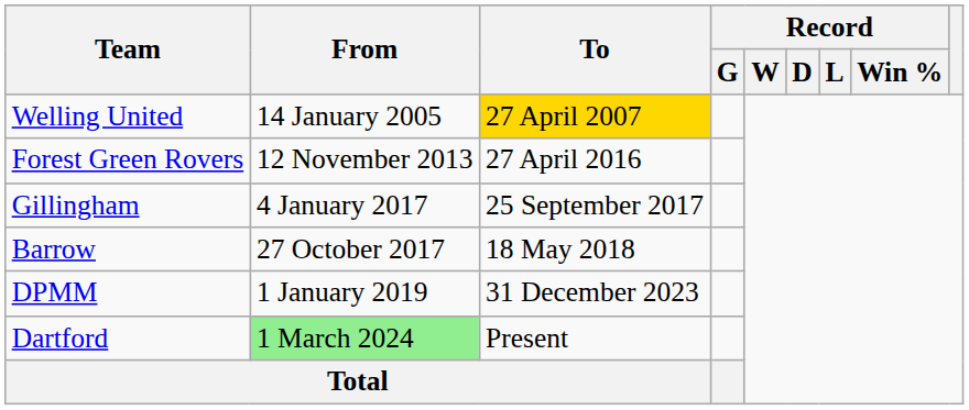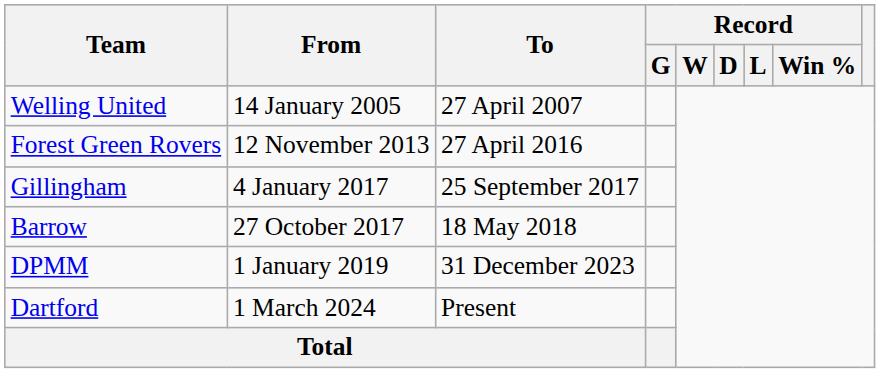 <table class="wikitable" style="text-align: center">
 <tr>
 <th rowspan=2>Team</th>
 <th rowspan=2>From</th>
 <th rowspan=2>To</th>
 <th colspan=5>Record</th>
 <th rowspan=2></th>
 </tr>
 <tr>
 <th>G</th>
 <th>W</th>
 <th>D</th>
 <th>L</th>
 <th>Win %</th>
 </tr>
 <tr>
 <td align=left><a href='#'>Welling United</a></td>
 <td align=left>14 January 2005</td>
-<td align=left style="background: gold;">27 April 2007<br></td>
+<td align=left>27 April 2007<br></td>
 <td></td>
 </tr>
 <tr>
 <td align=left><a href='#'>Forest Green Rovers</a></td>
 <td align=left>12 November 2013</td>
 <td align=left>27 April 2016<br></td>
 <td></td>
 </tr>
 <tr>
 <td align=left><a href='#'>Gillingham</a></td>
 <td align=left>4 January 2017</td>
 <td align=left>25 September 2017<br></td>
 <td></td>
 </tr>
 <tr>
 <td align=left><a href='#'>Barrow</a></td>
 <td align=left>27 October 2017</td>
 <td align=left>18 May 2018<br></td>
 <td></td>
 </tr>
 <tr>
 <td align=left><a href='#'>DPMM</a></td>
 <td align=left>1 January 2019</td>
 <td align=left>31 December 2023<br></td>
 <td></td>
 </tr>
 <tr>
 <td align=left><a href='#'>Dartford</a></td>
-<td align=left style="background: lightgreen;">1 March 2024</td>
+<td align=left>1 March 2024</td>
 <td align=left>Present<br></td>
 <td></td>
 </tr>
 <tr>
 <th colspan=3>Total<br></th>
 <th></th>
 </tr>
 </table>
